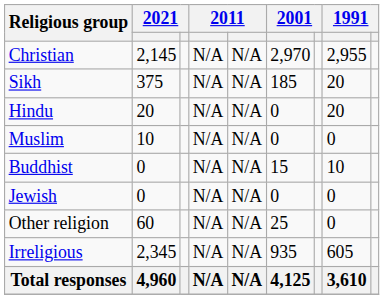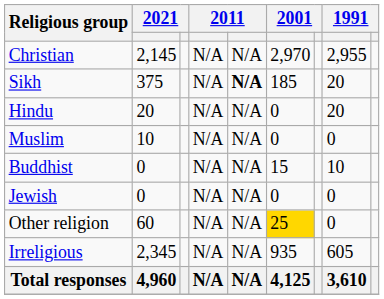 <table class="wikitable collapsible sortable">
 <tr>
 <th rowspan="2">Religious group</th>
 <th colspan="2"><a href='#'>2021</a></th>
 <th colspan="2"><a href='#'>2011</a></th>
 <th colspan="2"><a href='#'>2001</a></th>
 <th colspan="2"><a href='#'>1991</a></th>
 </tr>
 <tr>
 <th><a href='#'></a></th>
 <th></th>
 <th></th>
 <th></th>
 <th></th>
 <th></th>
 <th></th>
 <th></th>
 </tr>
 <tr>
 <td><a href='#'>Christian</a></td>
 <td>2,145</td>
 <td></td>
 <td>N/A</td>
 <td>N/A</td>
 <td>2,970</td>
 <td></td>
 <td>2,955</td>
 <td></td>
 </tr>
 <tr>
 <td><a href='#'>Sikh</a></td>
 <td>375</td>
 <td></td>
 <td>N/A</td>
-<td>N/A</td>
+<td><strong>N/A</strong></td>
 <td>185</td>
 <td></td>
 <td>20</td>
 <td></td>
 </tr>
 <tr>
 <td><a href='#'>Hindu</a></td>
 <td>20</td>
 <td></td>
 <td>N/A</td>
 <td>N/A</td>
 <td>0</td>
 <td></td>
 <td>20</td>
 <td></td>
 </tr>
 <tr>
 <td><a href='#'>Muslim</a></td>
 <td>10</td>
 <td></td>
 <td>N/A</td>
 <td>N/A</td>
 <td>0</td>
 <td></td>
 <td>0</td>
 <td></td>
 </tr>
 <tr>
 <td><a href='#'>Buddhist</a></td>
 <td>0</td>
 <td></td>
 <td>N/A</td>
 <td>N/A</td>
 <td>15</td>
 <td></td>
 <td>10</td>
 <td></td>
 </tr>
 <tr>
 <td><a href='#'>Jewish</a></td>
 <td>0</td>
 <td></td>
 <td>N/A</td>
 <td>N/A</td>
 <td>0</td>
 <td></td>
 <td>0</td>
 <td></td>
 </tr>
 <tr>
 <td>Other religion</td>
 <td>60</td>
 <td></td>
 <td>N/A</td>
 <td>N/A</td>
-<td>25</td>
+<td style="background: gold;">25</td>
 <td></td>
 <td>0</td>
 <td></td>
 </tr>
 <tr>
 <td><a href='#'>Irreligious</a></td>
 <td>2,345</td>
 <td></td>
 <td>N/A</td>
 <td>N/A</td>
 <td>935</td>
 <td></td>
 <td>605</td>
 <td></td>
 </tr>
 <tr class="sortbottom">
 <th>Total responses</th>
 <th>4,960</th>
 <th></th>
 <th>N/A</th>
 <th>N/A</th>
 <th>4,125</th>
 <th></th>
 <th>3,610</th>
 <th></th>
 </tr>
 <tr>
 </tr>
 </table>
